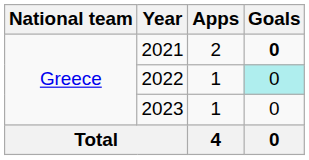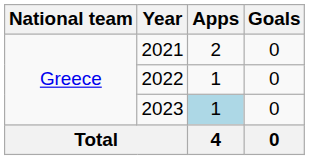 <table class="wikitable" style="text-align: center;">
 <tr>
 <th>National team</th>
 <th>Year</th>
 <th>Apps</th>
 <th>Goals</th>
 </tr>
 <tr>
 <td rowspan="3"><a href='#'>Greece</a></td>
 <td>2021</td>
 <td>2</td>
-<td><strong>0</strong></td>
+<td>0</td>
 </tr>
 <tr>
 <td>2022</td>
 <td>1</td>
-<td style="background: paleturquoise;">0</td>
+<td>0</td>
 </tr>
 <tr>
 <td>2023</td>
-<td>1</td>
+<td style="background: lightblue;">1</td>
 <td>0</td>
 </tr>
 <tr>
 <th colspan="2">Total</th>
 <th>4</th>
 <th>0</th>
 </tr>
 </table>
